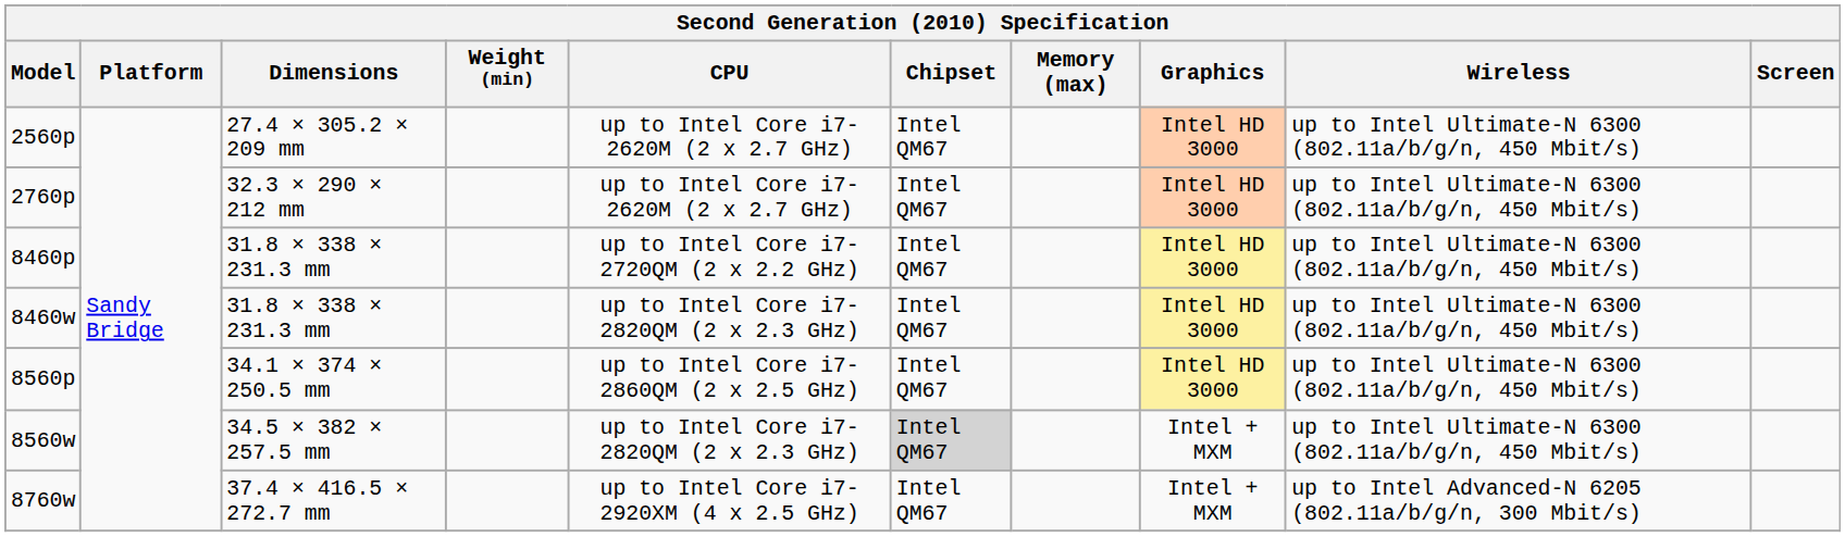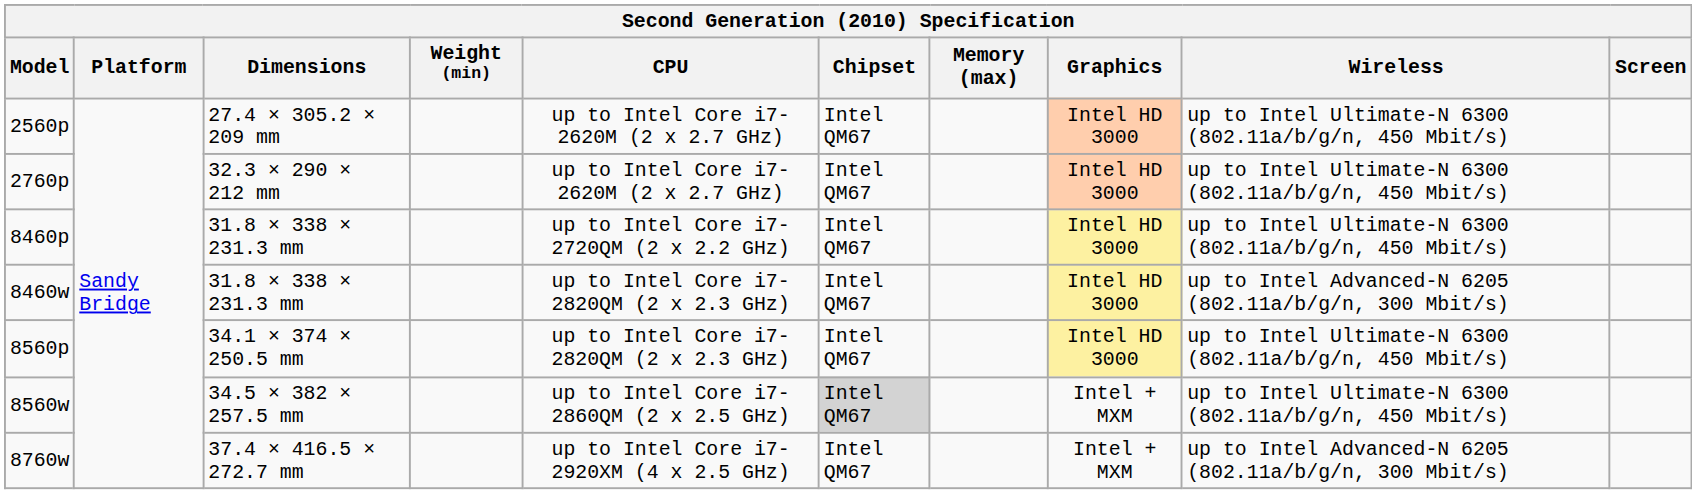 <table class="wikitable mw-collapsible mw-collapsed" style="font-size: 80%; width: 100%;">
 <tr>
 <th colspan="10">Second Generation (2010) Specification</th>
 </tr>
 <tr>
 <th>Model</th>
 <th>Platform</th>
 <th>Dimensions</th>
 <th>Weight <sup>(min)</sup></th>
 <th>CPU</th>
 <th>Chipset</th>
 <th>Memory (max)</th>
 <th>Graphics</th>
 <th>Wireless</th>
 <th>Screen</th>
 </tr>
 <tr>
 <td>2560p</td>
 <td rowspan="7"><a href='#'>Sandy Bridge</a></td>
 <td>27.4 × 305.2 × 209 mm</td>
 <td></td>
 <td style="text-align:center;background:">up to Intel Core i7-2620M (2 x 2.7 GHz)</td>
 <td>Intel QM67</td>
 <td></td>
 <td style="text-align:center;background:#ffcead;">Intel HD 3000</td>
 <td>up to Intel Ultimate-N 6300 (802.11a/b/g/n, 450 Mbit/s)</td>
 <td></td>
 </tr>
 <tr>
 <td>2760p</td>
 <td>32.3 × 290 × 212 mm</td>
 <td></td>
 <td style="text-align:center;background:">up to Intel Core i7-2620M (2 x 2.7 GHz)</td>
 <td>Intel QM67</td>
 <td></td>
 <td style="text-align:center;background:#ffcead;">Intel HD 3000</td>
 <td>up to Intel Ultimate-N 6300 (802.11a/b/g/n, 450 Mbit/s)</td>
 <td></td>
 </tr>
 <tr>
 <td>8460p</td>
 <td>31.8 × 338 × 231.3 mm</td>
 <td></td>
 <td style="text-align:center;background:">up to Intel Core i7-2720QM (2 x 2.2 GHz)</td>
 <td>Intel QM67</td>
 <td></td>
 <td style="text-align:center;background:#fdf1a1;">Intel HD 3000<br></td>
 <td>up to Intel Ultimate-N 6300 (802.11a/b/g/n, 450 Mbit/s)</td>
 <td></td>
 </tr>
 <tr>
 <td>8460w</td>
 <td>31.8 × 338 × 231.3 mm</td>
 <td></td>
 <td style="text-align:center;background:">up to Intel Core i7-2820QM (2 x 2.3 GHz)</td>
 <td>Intel QM67</td>
 <td></td>
 <td style="text-align:center;background:#fdf1a1;">Intel HD 3000<br></td>
-<td>up to Intel Ultimate-N 6300 (802.11a/b/g/n, 450 Mbit/s)</td>
+<td>up to Intel Advanced-N 6205 (802.11a/b/g/n, 300 Mbit/s)</td>
 <td></td>
 </tr>
 <tr>
 <td>8560p</td>
 <td>34.1 × 374 × 250.5 mm</td>
 <td></td>
-<td style="text-align:center;background:">up to Intel Core i7-2860QM (2 x 2.5 GHz)</td>
+<td style="text-align:center;background:">up to Intel Core i7-2820QM (2 x 2.3 GHz)</td>
 <td>Intel QM67</td>
 <td></td>
 <td style="text-align:center;background:#fdf1a1;">Intel HD 3000<br></td>
 <td>up to Intel Ultimate-N 6300 (802.11a/b/g/n, 450 Mbit/s)</td>
 <td></td>
 </tr>
 <tr>
 <td>8560w</td>
 <td>34.5 × 382 × 257.5 mm</td>
 <td></td>
-<td style="text-align:center;background:">up to Intel Core i7-2820QM (2 x 2.3 GHz)</td>
+<td style="text-align:center;background:">up to Intel Core i7-2860QM (2 x 2.5 GHz)</td>
 <td style="background: lightgrey;">Intel QM67</td>
 <td></td>
 <td style="text-align:center;background:">Intel + MXM<br></td>
 <td>up to Intel Ultimate-N 6300 (802.11a/b/g/n, 450 Mbit/s)</td>
 <td></td>
 </tr>
 <tr>
 <td>8760w</td>
 <td>37.4 × 416.5 × 272.7 mm</td>
 <td></td>
 <td style="text-align:center;background:">up to Intel Core i7-2920XM (4 x 2.5 GHz)</td>
 <td>Intel QM67</td>
 <td></td>
 <td style="text-align:center;background:">Intel + MXM<br></td>
 <td>up to Intel Advanced-N 6205 (802.11a/b/g/n, 300 Mbit/s)</td>
 <td></td>
 </tr>
 </table>
